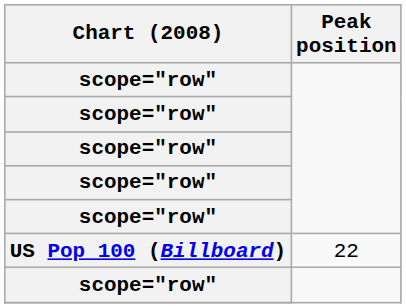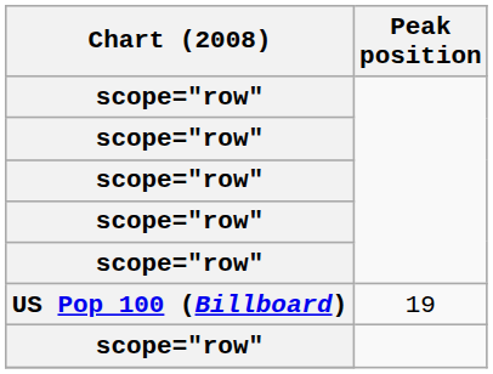 <table class="wikitable sortable plainrowheaders" style="text-align:center;">
 <tr>
 <th scope="col">Chart (2008)</th>
 <th scope="col">Peak<br>position</th>
 </tr>
 <tr>
 <th>scope="row" </th>
 </tr>
 <tr>
 <th>scope="row" </th>
 </tr>
 <tr>
 <th>scope="row" </th>
 </tr>
 <tr>
 <th>scope="row" </th>
 </tr>
 <tr>
 <th>scope="row" </th>
 </tr>
 <tr>
 <th scope="row">US <a href='#'>Pop 100</a> (<a href='#'><em>Billboard</em></a>)</th>
-<td>22</td>
+<td>19</td>
 </tr>
 <tr>
 <th>scope="row" </th>
 </tr>
 <tr>
 </tr>
 </table>
